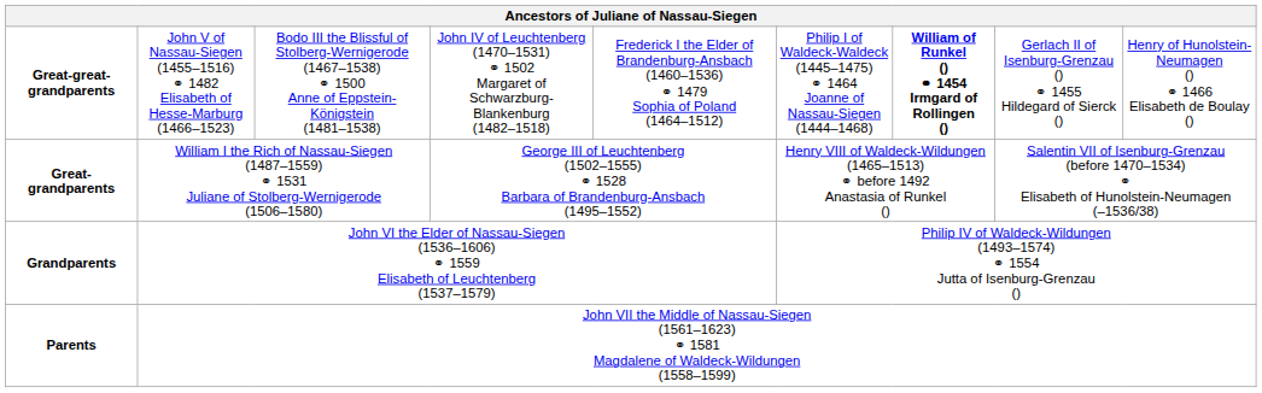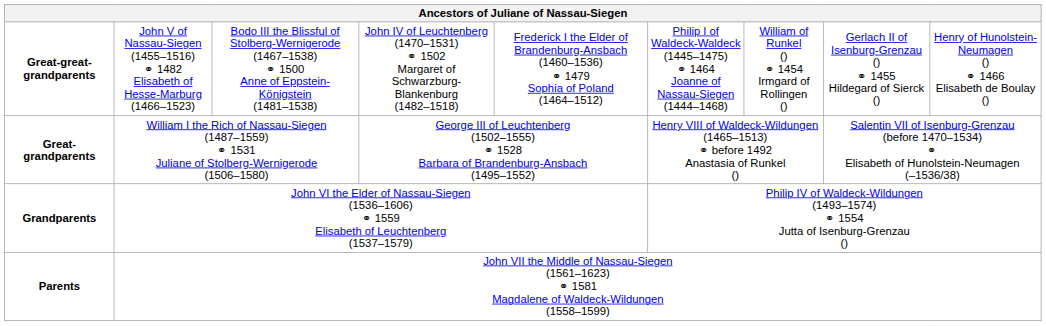 <table class="wikitable" style="background:#FFFFFF; font-size:85%; text-align:center">
 <tr bgcolor="#E0E0E0">
 <th colspan="9">Ancestors of Juliane of Nassau-Siegen</th>
 </tr>
 <tr>
 <td><strong>Great-great-grandparents</strong></td>
 <td colspan="1"><a href='#'>John V of Nassau-Siegen</a><br>(1455–1516)<br>⚭ 1482<br><a href='#'>Elisabeth of Hesse-Marburg</a><br>(1466–1523)</td>
 <td colspan="1"><a href='#'>Bodo III the Blissful of Stolberg-Wernigerode</a><br>(1467–1538)<br>⚭ 1500<br><a href='#'>Anne of Eppstein-Königstein</a><br>(1481–1538)</td>
 <td colspan="1"><a href='#'>John IV of Leuchtenberg</a><br>(1470–1531)<br>⚭ 1502<br>Margaret of Schwarzburg-Blankenburg<br>(1482–1518)</td>
 <td colspan="1"><a href='#'>Frederick I the Elder of Brandenburg-Ansbach</a><br>(1460–1536)<br>⚭ 1479<br><a href='#'>Sophia of Poland</a><br>(1464–1512)</td>
 <td colspan="1"><a href='#'>Philip I of Waldeck-Waldeck</a><br>(1445–1475)<br>⚭ 1464<br><a href='#'>Joanne of Nassau-Siegen</a><br>(1444–1468)</td>
-<td colspan="1"><strong><a href='#'>William of Runkel</a><br>()<br>⚭ 1454<br>Irmgard of Rollingen<br>()</strong></td>
+<td colspan="1"><a href='#'>William of Runkel</a><br>()<br>⚭ 1454<br>Irmgard of Rollingen<br>()</td>
 <td colspan="1"><a href='#'>Gerlach II of Isenburg-Grenzau</a><br>()<br>⚭ 1455<br>Hildegard of Sierck<br>()</td>
 <td colspan="1"><a href='#'>Henry of Hunolstein-Neumagen</a><br>()<br>⚭ 1466<br>Elisabeth de Boulay<br>()</td>
 </tr>
 <tr>
 <td><strong>Great-grandparents</strong></td>
 <td colspan="2"><a href='#'>William I the Rich of Nassau-Siegen</a><br>(1487–1559)<br>⚭ 1531<br><a href='#'>Juliane of Stolberg-Wernigerode</a><br>(1506–1580)</td>
 <td colspan="2"><a href='#'>George III of Leuchtenberg</a><br>(1502–1555)<br>⚭ 1528<br><a href='#'>Barbara of Brandenburg-Ansbach</a><br>(1495–1552)</td>
 <td colspan="2"><a href='#'>Henry VIII of Waldeck-Wildungen</a><br>(1465–1513)<br>⚭ before 1492<br>Anastasia of Runkel<br>()</td>
 <td colspan="2"><a href='#'>Salentin VII of Isenburg-Grenzau</a><br>(before 1470–1534)<br>⚭<br>Elisabeth of Hunolstein-Neumagen<br>(–1536/38)</td>
 </tr>
 <tr>
 <td><strong>Grandparents</strong></td>
 <td colspan="4"><a href='#'>John VI the Elder of Nassau-Siegen</a><br>(1536–1606)<br>⚭ 1559<br><a href='#'>Elisabeth of Leuchtenberg</a><br>(1537–1579)</td>
 <td colspan="4"><a href='#'>Philip IV of Waldeck-Wildungen</a><br>(1493–1574)<br>⚭ 1554<br>Jutta of Isenburg-Grenzau<br>()</td>
 </tr>
 <tr>
 <td><strong>Parents</strong></td>
 <td colspan="8"><a href='#'>John VII the Middle of Nassau-Siegen</a><br>(1561–1623)<br>⚭ 1581<br><a href='#'>Magdalene of Waldeck-Wildungen</a><br>(1558–1599)</td>
 </tr>
 </table>
